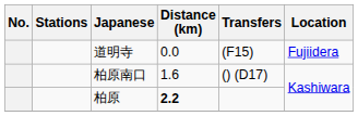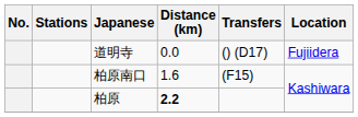 <table class=wikitable>
 <tr style="text-align: center; border-bottom:solid 2px #">
 <th>No.</th>
 <th>Stations</th>
 <th>Japanese</th>
 <th>Distance<br>(km)</th>
 <th>Transfers</th>
 <th>Location</th>
 </tr>
 <tr>
 <th></th>
 <td></td>
 <td>道明寺</td>
 <td>0.0</td>
-<td>  (F15)</td>
+<td>  () (D17)</td>
 <td><a href='#'>Fujiidera</a></td>
 </tr>
 <tr>
 <th></th>
 <td></td>
 <td>柏原南口</td>
 <td>1.6</td>
-<td>  () (D17)</td>
+<td>  (F15)</td>
 <td rowspan="2"><a href='#'>Kashiwara</a></td>
 </tr>
 <tr>
 <th></th>
 <td></td>
 <td>柏原</td>
 <td><strong>2.2</strong></td>
 <td></td>
 </tr>
 <tr>
 </tr>
 </table>
